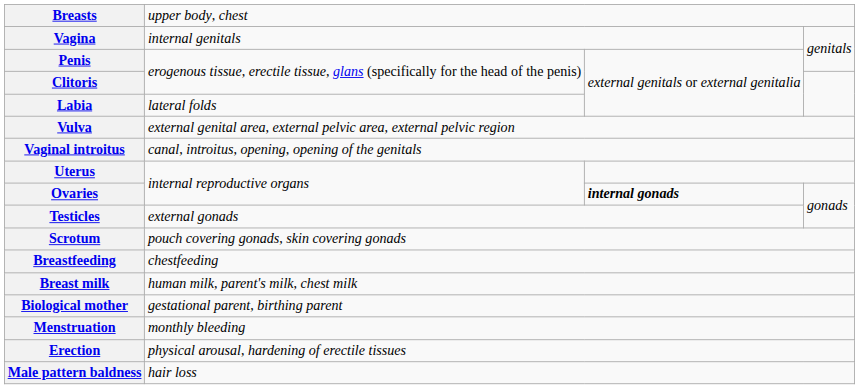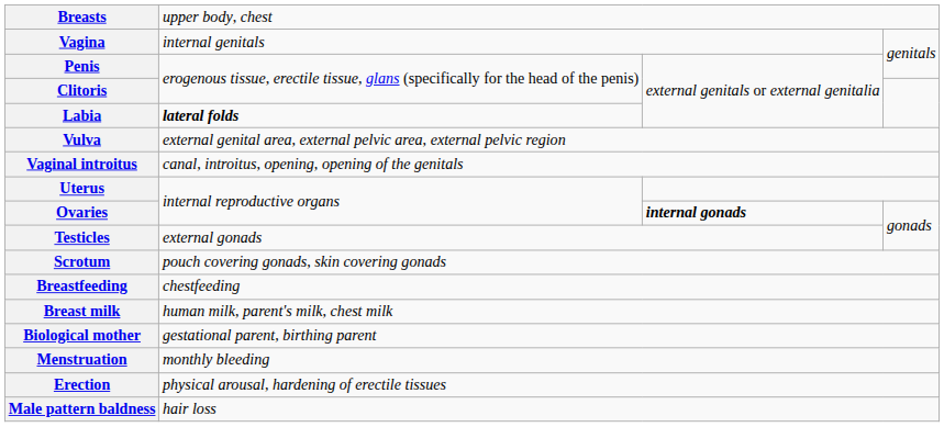 <table class="wikitable">
 <tr>
 <th scope="row"><a href='#'>Breasts</a></th>
 <td colspan="3"><em>upper body</em>, <em>chest</em></td>
 </tr>
 <tr>
 <th scope="row"><a href='#'>Vagina</a></th>
 <td colspan="2"><em>internal genitals</em></td>
 <td rowspan="2"><em>genitals</em></td>
 </tr>
 <tr>
 <th scope="row"><a href='#'>Penis</a></th>
 <td rowspan="2"><em>erogenous tissue</em>, <em>erectile tissue</em>, <em><a href='#'>glans</a></em> (specifically for the head of the penis)</td>
 <td rowspan="3"><em>external genitals</em> or <em>external genitalia</em></td>
 </tr>
 <tr>
 <th scope="row"><a href='#'>Clitoris</a></th>
 </tr>
 <tr>
 <th scope="row"><a href='#'>Labia</a></th>
-<td><em>lateral folds</em></td>
+<td><strong><em>lateral folds</em></strong></td>
 </tr>
 <tr>
 <th scope="row"><a href='#'>Vulva</a></th>
 <td colspan="3"><em>external genital area</em>, <em>external pelvic area</em>, <em>external pelvic region</em></td>
 </tr>
 <tr>
 <th scope="row"><a href='#'>Vaginal introitus</a></th>
 <td colspan="3"><em>canal</em>, <em>introitus</em>, <em>opening</em>, <em>opening of the genitals</em></td>
 </tr>
 <tr>
 <th scope="row"><a href='#'>Uterus</a></th>
 <td colspan="1" rowspan="2"><em>internal reproductive organs</em></td>
 </tr>
 <tr>
 <th scope="row"><a href='#'>Ovaries</a></th>
 <td><strong><em>internal gonads</em></strong></td>
 <td rowspan="2" colspan="2"><em>gonads</em></td>
 </tr>
 <tr>
 <th scope="row"><a href='#'>Testicles</a></th>
 <td colspan=2><em>external gonads</em></td>
 </tr>
 <tr>
 <th scope="row"><a href='#'>Scrotum</a></th>
 <td colspan="3"><em>pouch covering gonads</em>, <em>skin covering gonads</em></td>
 </tr>
 <tr>
 <th scope="row"><a href='#'>Breastfeeding</a></th>
 <td colspan="3"><em>chestfeeding</em></td>
 </tr>
 <tr>
 <th scope="row"><a href='#'>Breast milk</a></th>
 <td colspan="3"><em>human milk</em>, <em>parent's milk</em>, <em>chest milk</em></td>
 </tr>
 <tr>
 <th scope="row"><a href='#'>Biological mother</a></th>
 <td colspan="3"><em>gestational parent</em>, <em>birthing parent</em></td>
 </tr>
 <tr>
 <th scope="row"><a href='#'>Menstruation</a></th>
 <td colspan="3"><em>monthly bleeding</em></td>
 </tr>
 <tr>
 <th scope="row"><a href='#'>Erection</a></th>
 <td colspan="3"><em>physical arousal</em>, <em>hardening of erectile tissues</em></td>
 </tr>
 <tr>
 <th scope="row"><a href='#'>Male pattern baldness</a></th>
 <td colspan="3"><em>hair loss</em></td>
 </tr>
 </table>
